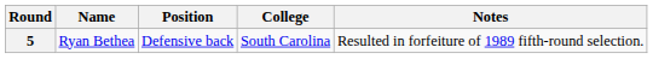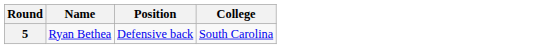 <table class="wikitable" style="text-align:center">
 <tr>
 <th>Round</th>
 <th>Name</th>
 <th>Position</th>
 <th>College</th>
-<th>Notes</th>
 </tr>
 <tr>
 <th>5</th>
 <td><a href='#'>Ryan Bethea</a></td>
 <td><a href='#'>Defensive back</a></td>
 <td><a href='#'>South Carolina</a></td>
-<td>Resulted in forfeiture of <a href='#'>1989</a> fifth-round selection.</td>
 </tr>
 </table>
